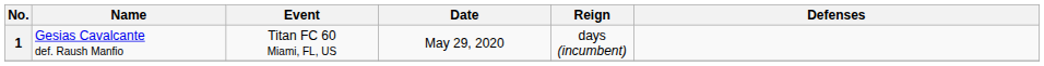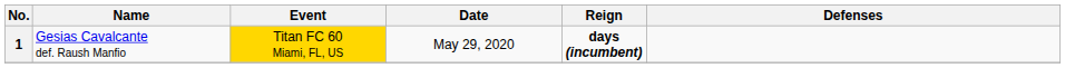 <table class="wikitable" width=100%>
 <tr>
 <th width=1%>No.</th>
 <th width=19%>Name</th>
 <th width=15%>Event</th>
 <th width=17%>Date</th>
 <th width=8%>Reign</th>
 <th width=40%>Defenses</th>
 </tr>
 <tr>
 <th>1</th>
 <td> <a href='#'>Gesias Cavalcante</a> <br> <small> def. Raush Manfio</small></td>
-<td align=center>Titan FC 60 <br> <small> Miami, FL, US</small></td>
+<td align=center style="background: gold;">Titan FC 60 <br> <small> Miami, FL, US</small></td>
 <td align=center>May 29, 2020</td>
-<td align=center> days<br><em>(incumbent)</em></td>
+<td align=center><strong> days<br><em>(incumbent)</em></strong></td>
 <td></td>
 </tr>
 <tr>
 </tr>
 </table>
